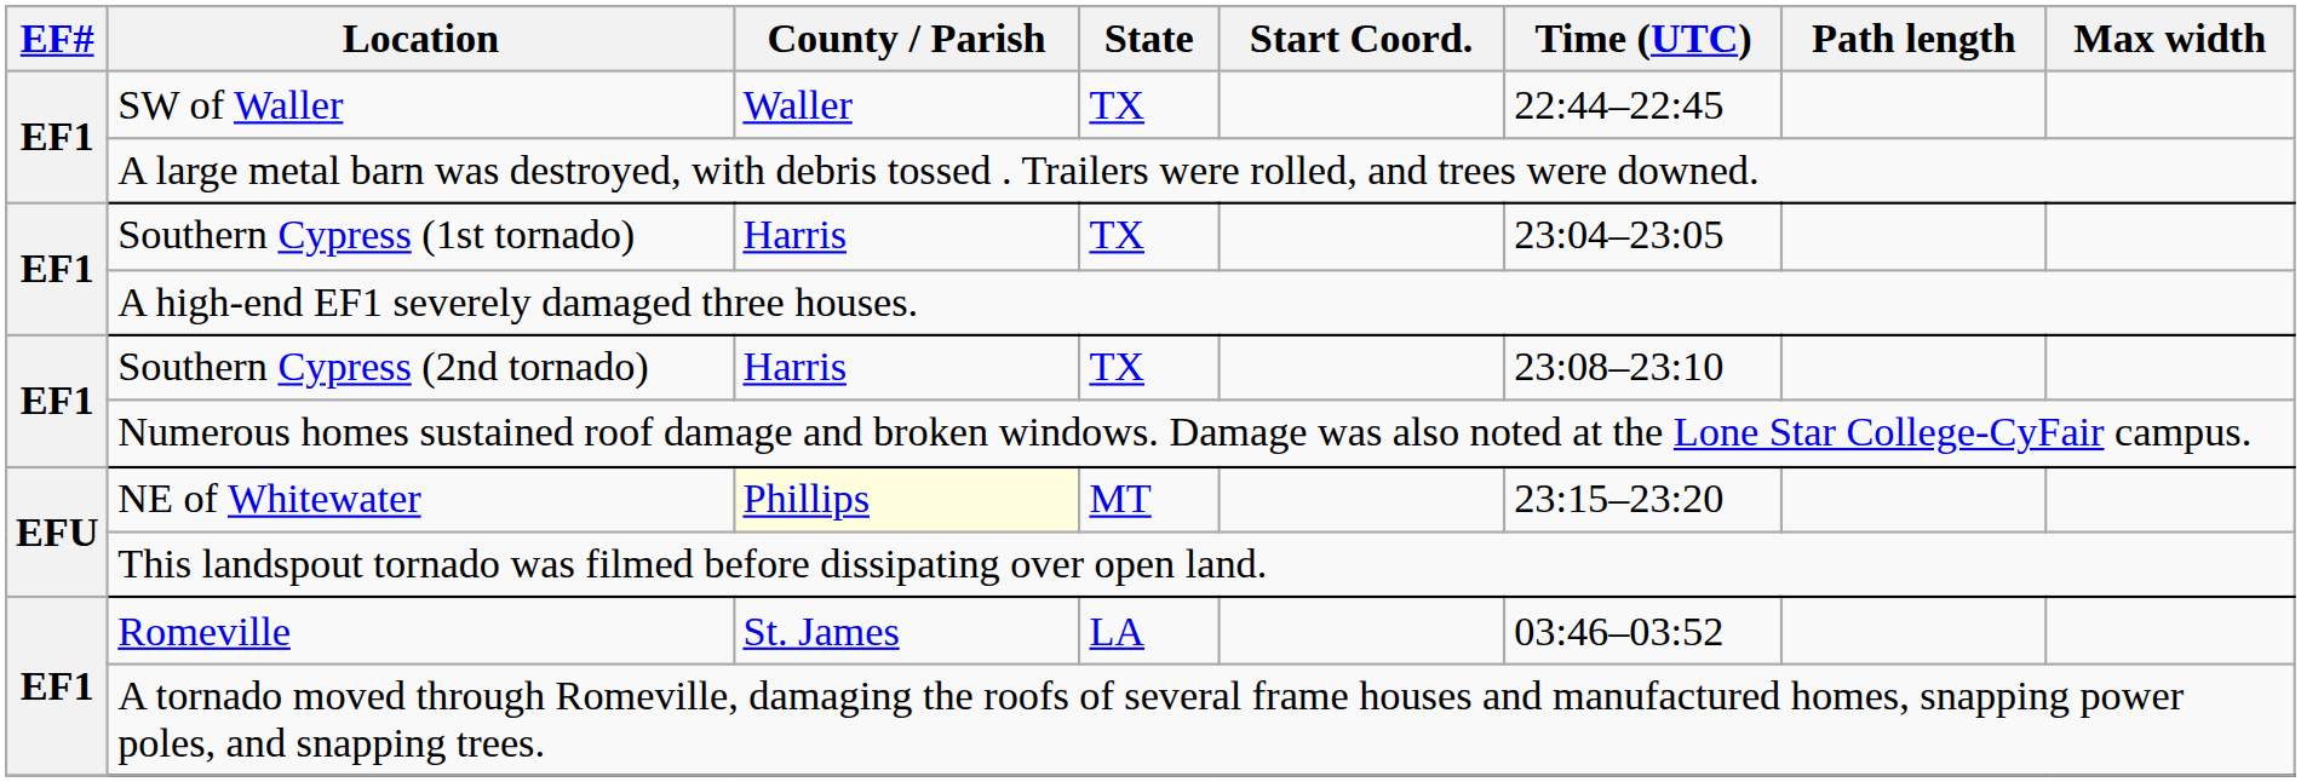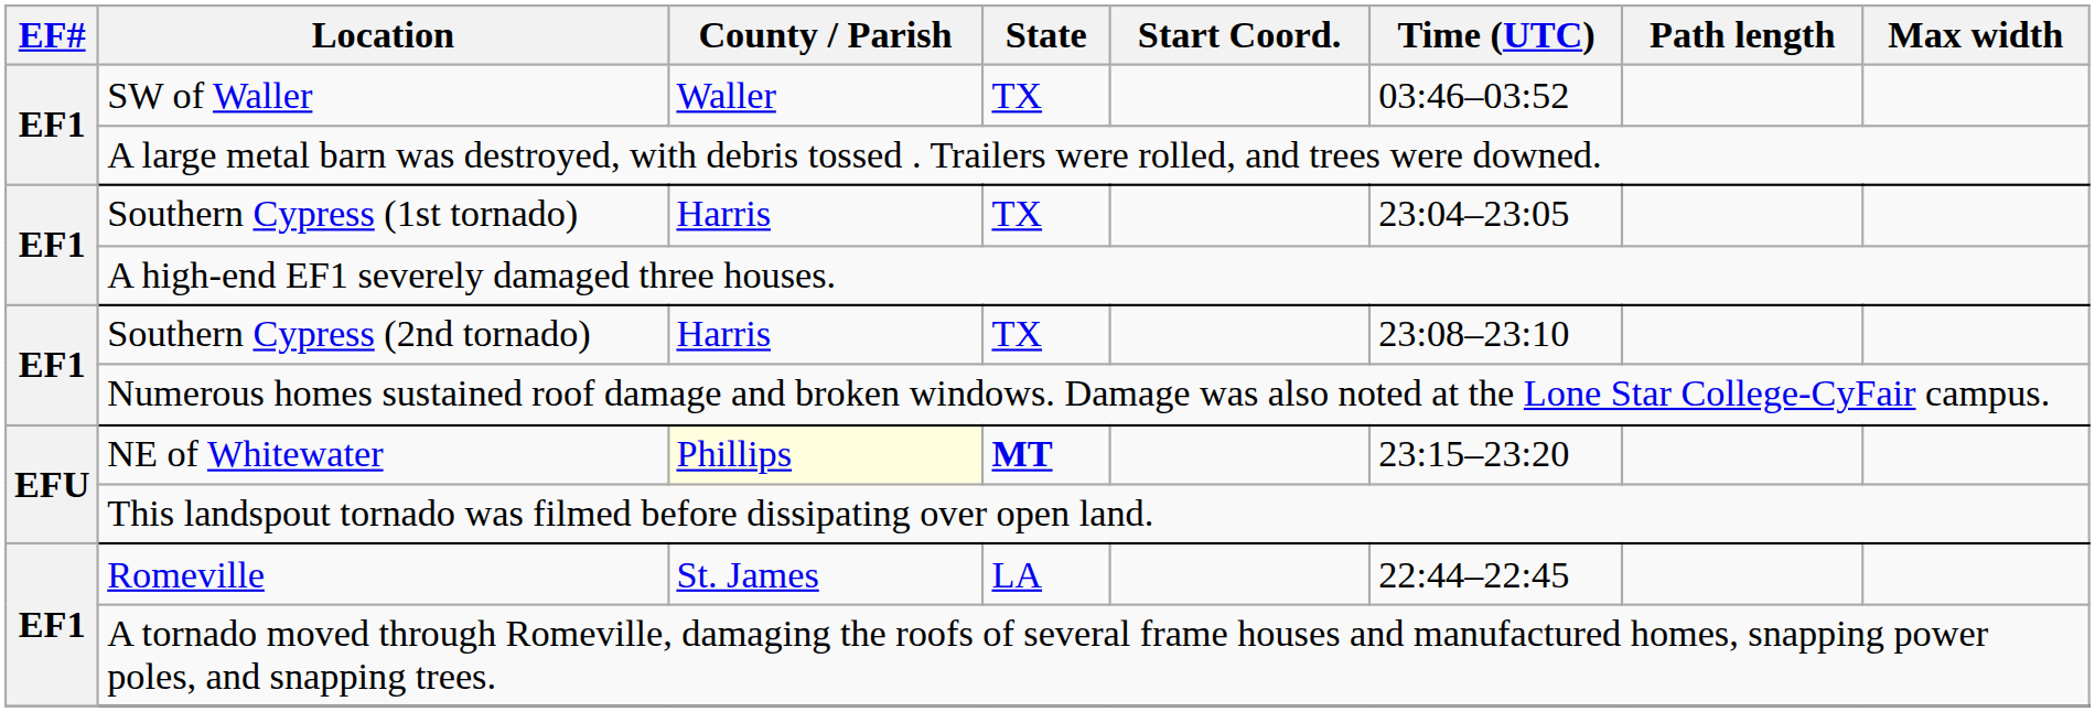 <table class="wikitable sortable" style="width:100%;">
 <tr>
 <th scope="col" width="2%" align="center"><a href='#'>EF#</a></th>
 <th scope="col" align="center" class="unsortable">Location</th>
 <th scope="col" align="center" class="unsortable">County / Parish</th>
 <th scope="col" align="center">State</th>
 <th scope="col" align="center">Start Coord.</th>
 <th scope="col" align="center">Time (<a href='#'>UTC</a>)</th>
 <th scope="col" align="center">Path length</th>
 <th scope="col" align="center">Max width</th>
 </tr>
 <tr>
 <th scope="row" rowspan="2" style="background-color:#">EF1</th>
 <td>SW of <a href='#'>Waller</a></td>
 <td><a href='#'>Waller</a></td>
 <td><a href='#'>TX</a></td>
 <td></td>
-<td>22:44–22:45</td>
+<td>03:46–03:52</td>
 <td></td>
 <td></td>
 </tr>
 <tr class="expand-child">
 <td colspan="8" style=" border-bottom: 1px solid black;">A large metal barn was destroyed, with debris tossed . Trailers were rolled, and trees were downed.</td>
 </tr>
 <tr>
 <th scope="row" rowspan="2" style="background-color:#">EF1</th>
 <td>Southern <a href='#'>Cypress</a> (1st tornado)</td>
 <td><a href='#'>Harris</a></td>
 <td><a href='#'>TX</a></td>
 <td></td>
 <td>23:04–23:05</td>
 <td></td>
 <td></td>
 </tr>
 <tr class="expand-child">
 <td colspan="8" style=" border-bottom: 1px solid black;">A high-end EF1 severely damaged three houses.</td>
 </tr>
 <tr>
 <th scope="row" rowspan="2" style="background-color:#">EF1</th>
 <td>Southern <a href='#'>Cypress</a> (2nd tornado)</td>
 <td><a href='#'>Harris</a></td>
 <td><a href='#'>TX</a></td>
 <td></td>
 <td>23:08–23:10</td>
 <td></td>
 <td></td>
 </tr>
 <tr class="expand-child">
 <td colspan="8" style=" border-bottom: 1px solid black;">Numerous homes sustained roof damage and broken windows. Damage was also noted at the <a href='#'>Lone Star College-CyFair</a> campus.</td>
 </tr>
 <tr>
 <th scope="row" rowspan="2" style="background-color:#">EFU</th>
 <td>NE of <a href='#'>Whitewater</a></td>
 <td style="background: lightyellow;"><a href='#'>Phillips</a></td>
-<td><a href='#'>MT</a></td>
+<td><strong><a href='#'>MT</a></strong></td>
 <td></td>
 <td>23:15–23:20</td>
 <td></td>
 <td></td>
 </tr>
 <tr class="expand-child">
 <td colspan="8" style=" border-bottom: 1px solid black;">This landspout tornado was filmed before dissipating over open land.</td>
 </tr>
 <tr>
 <th scope="row" rowspan="2" style="background-color:#">EF1</th>
 <td><a href='#'>Romeville</a></td>
 <td><a href='#'>St. James</a></td>
 <td><a href='#'>LA</a></td>
 <td></td>
-<td>03:46–03:52</td>
+<td>22:44–22:45</td>
 <td></td>
 <td></td>
 </tr>
 <tr class="expand-child">
 <td colspan="8" style=" border-bottom: 1px solid black;">A tornado moved through Romeville, damaging the roofs of several frame houses and manufactured homes, snapping power poles, and snapping trees.</td>
 </tr>
 <tr>
 </tr>
 </table>
